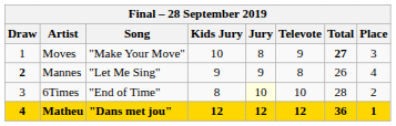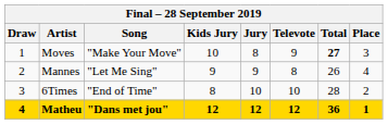 <table class="sortable wikitable" style="text-align:center">
 <tr>
 <th colspan="9">Final – 28 September 2019</th>
 </tr>
 <tr>
 <th>Draw</th>
 <th>Artist</th>
 <th>Song</th>
 <th>Kids Jury</th>
 <th>Jury</th>
 <th>Televote</th>
 <th>Total</th>
 <th>Place</th>
 </tr>
 <tr>
 <td>1</td>
 <td align="left">Moves</td>
 <td align="left">"Make Your Move"</td>
 <td>10</td>
 <td>8</td>
 <td>9</td>
 <td><strong>27</strong></td>
 <td>3</td>
 </tr>
 <tr>
-<td><strong>2</strong></td>
+<td>2</td>
 <td align="left">Mannes</td>
 <td align="left">"Let Me Sing"</td>
 <td>9</td>
 <td>9</td>
 <td>8</td>
 <td>26</td>
 <td>4</td>
 </tr>
 <tr>
 <td>3</td>
 <td align="left">6Times</td>
 <td align="left">"End of Time"</td>
 <td>8</td>
-<td style="background: lightyellow;">10</td>
+<td>10</td>
 <td>10</td>
 <td>28</td>
 <td>2</td>
 </tr>
 <tr style="font-weight:bold; background:gold;">
 <td>4</td>
 <td align="left">Matheu</td>
 <td align="left">"Dans met jou"</td>
 <td>12</td>
 <td>12</td>
 <td>12</td>
 <td>36</td>
 <td>1</td>
 </tr>
 </table>
